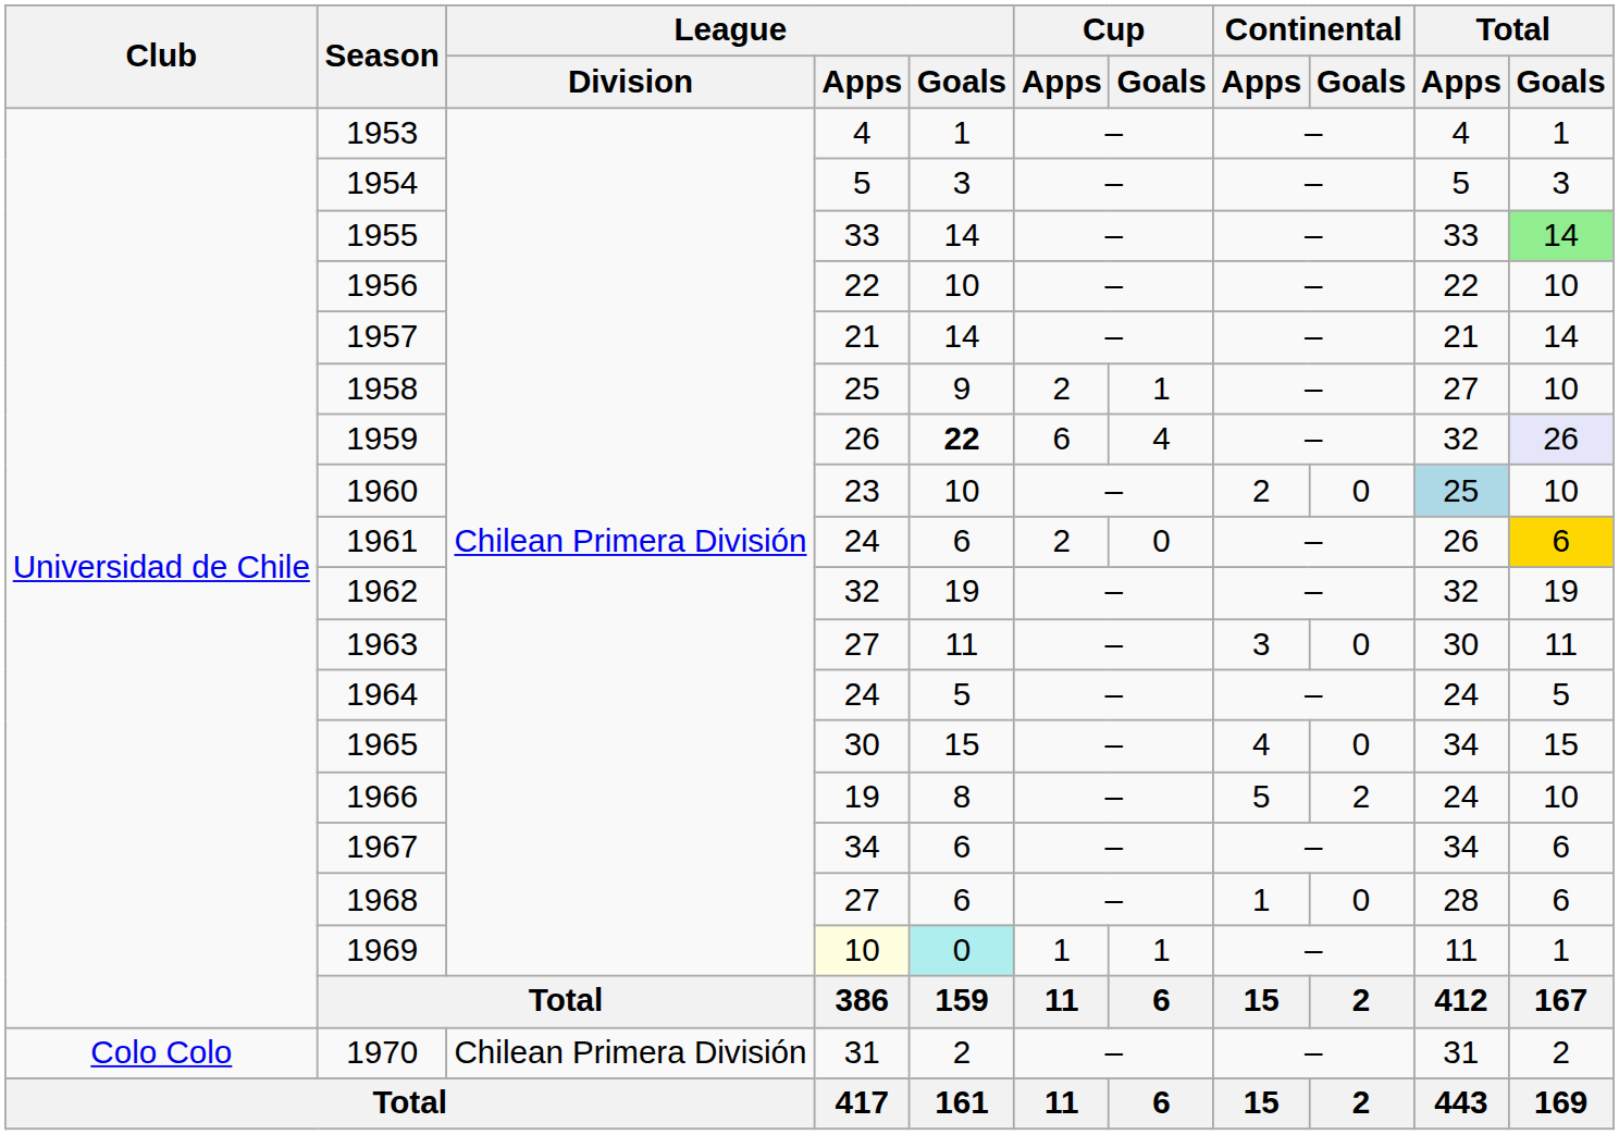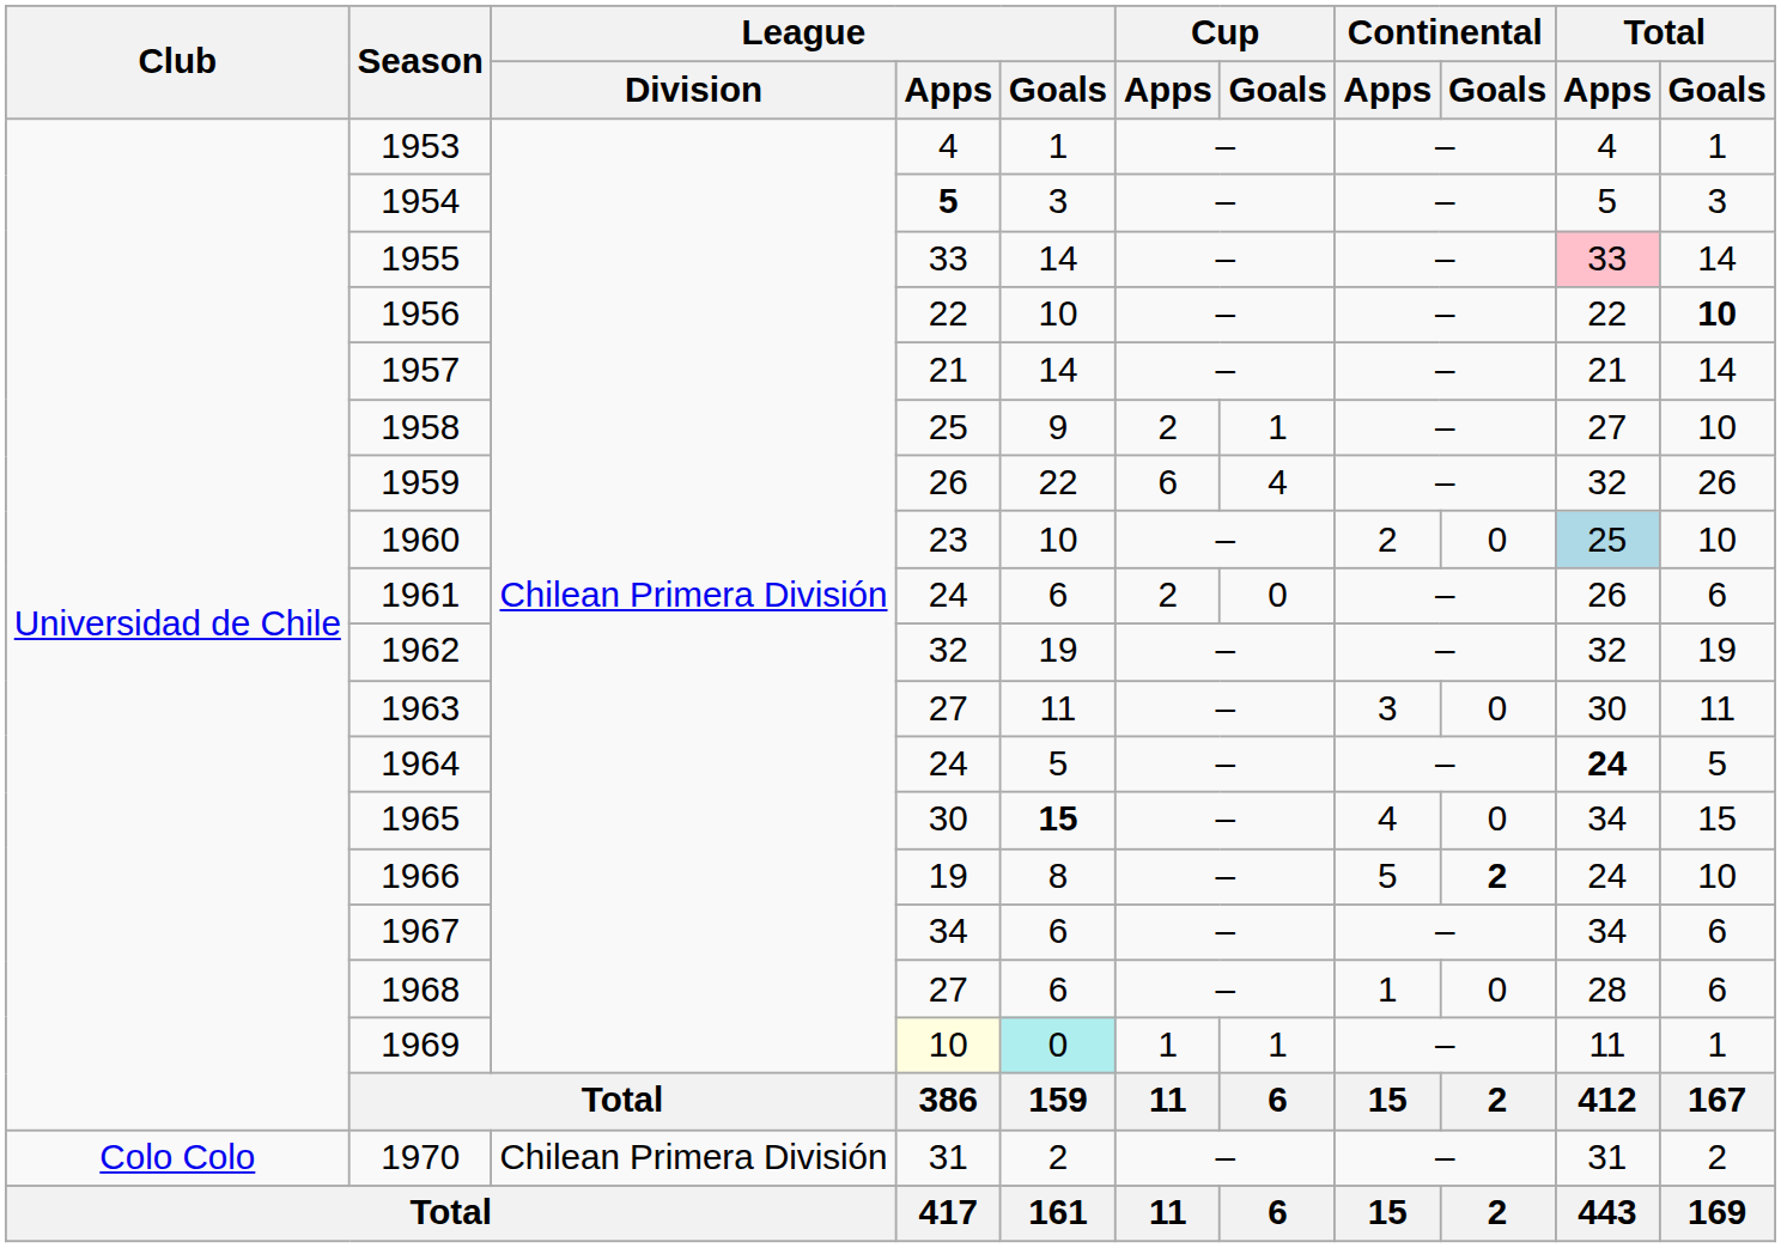 <table class="wikitable" style="text-align:center">
 <tr>
 <th rowspan="2">Club</th>
 <th rowspan="2">Season</th>
 <th colspan="3">League</th>
 <th colspan="2">Cup</th>
 <th colspan="2">Continental</th>
 <th colspan="2">Total</th>
 </tr>
 <tr>
 <th>Division</th>
 <th>Apps</th>
 <th>Goals</th>
 <th>Apps</th>
 <th>Goals</th>
 <th>Apps</th>
 <th>Goals</th>
 <th>Apps</th>
 <th>Goals</th>
 </tr>
 <tr>
 <td rowspan="18"><a href='#'>Universidad de Chile</a></td>
 <td>1953</td>
 <td rowspan="17"><a href='#'>Chilean Primera División</a></td>
 <td>4</td>
 <td>1</td>
 <td colspan="2">–</td>
 <td colspan="2">–</td>
 <td>4</td>
 <td>1</td>
 </tr>
 <tr>
 <td>1954</td>
-<td>5</td>
+<td><strong>5</strong></td>
 <td>3</td>
 <td colspan="2">–</td>
 <td colspan="2">–</td>
 <td>5</td>
 <td>3</td>
 </tr>
 <tr>
 <td>1955</td>
 <td>33</td>
 <td>14</td>
 <td colspan="2">–</td>
 <td colspan="2">–</td>
-<td>33</td>
-<td style="background: lightgreen;">14</td>
+<td style="background: pink;">33</td>
+<td>14</td>
 </tr>
 <tr>
 <td>1956</td>
 <td>22</td>
 <td>10</td>
 <td colspan="2">–</td>
 <td colspan="2">–</td>
 <td>22</td>
-<td>10</td>
+<td><strong>10</strong></td>
 </tr>
 <tr>
 <td>1957</td>
 <td>21</td>
 <td>14</td>
 <td colspan="2">–</td>
 <td colspan="2">–</td>
 <td>21</td>
 <td>14</td>
 </tr>
 <tr>
 <td>1958</td>
 <td>25</td>
 <td>9</td>
 <td>2</td>
 <td>1</td>
 <td colspan="2">–</td>
 <td>27</td>
 <td>10</td>
 </tr>
 <tr>
 <td>1959</td>
 <td>26</td>
-<td><strong>22</strong></td>
+<td>22</td>
 <td>6</td>
 <td>4</td>
 <td colspan="2">–</td>
 <td>32</td>
-<td style="background: lavender;">26</td>
+<td>26</td>
 </tr>
 <tr>
 <td>1960</td>
 <td>23</td>
 <td>10</td>
 <td colspan="2">–</td>
 <td>2</td>
 <td>0</td>
 <td style="background: lightblue;">25</td>
 <td>10</td>
 </tr>
 <tr>
 <td>1961</td>
 <td>24</td>
 <td>6</td>
 <td>2</td>
 <td>0</td>
 <td colspan="2">–</td>
 <td>26</td>
-<td style="background: gold;">6</td>
+<td>6</td>
 </tr>
 <tr>
 <td>1962</td>
 <td>32</td>
 <td>19</td>
 <td colspan="2">–</td>
 <td colspan="2">–</td>
 <td>32</td>
 <td>19</td>
 </tr>
 <tr>
 <td>1963</td>
 <td>27</td>
 <td>11</td>
 <td colspan="2">–</td>
 <td>3</td>
 <td>0</td>
 <td>30</td>
 <td>11</td>
 </tr>
 <tr>
 <td>1964</td>
 <td>24</td>
 <td>5</td>
 <td colspan="2">–</td>
 <td colspan="2">–</td>
-<td>24</td>
+<td><strong>24</strong></td>
 <td>5</td>
 </tr>
 <tr>
 <td>1965</td>
 <td>30</td>
-<td>15</td>
+<td><strong>15</strong></td>
 <td colspan="2">–</td>
 <td>4</td>
 <td>0</td>
 <td>34</td>
 <td>15</td>
 </tr>
 <tr>
 <td>1966</td>
 <td>19</td>
 <td>8</td>
 <td colspan="2">–</td>
 <td>5</td>
-<td>2</td>
+<td><strong>2</strong></td>
 <td>24</td>
 <td>10</td>
 </tr>
 <tr>
 <td>1967</td>
 <td>34</td>
 <td>6</td>
 <td colspan="2">–</td>
 <td colspan="2">–</td>
 <td>34</td>
 <td>6</td>
 </tr>
 <tr>
 <td>1968</td>
 <td>27</td>
 <td>6</td>
 <td colspan="2">–</td>
 <td>1</td>
 <td>0</td>
 <td>28</td>
 <td>6</td>
 </tr>
 <tr>
 <td>1969</td>
 <td style="background: lightyellow;">10</td>
 <td style="background: paleturquoise;">0</td>
 <td>1</td>
 <td>1</td>
 <td colspan="2">–</td>
 <td>11</td>
 <td>1</td>
 </tr>
 <tr>
 <th colspan="2">Total</th>
 <th>386</th>
 <th>159</th>
 <th>11</th>
 <th>6</th>
 <th>15</th>
 <th>2</th>
 <th>412</th>
 <th>167</th>
 </tr>
 <tr>
 <td><a href='#'>Colo Colo</a></td>
 <td>1970</td>
 <td>Chilean Primera División</td>
 <td>31</td>
 <td>2</td>
 <td colspan="2">–</td>
 <td colspan="2">–</td>
 <td>31</td>
 <td>2</td>
 </tr>
 <tr>
 <th colspan="3">Total</th>
 <th>417</th>
 <th>161</th>
 <th>11</th>
 <th>6</th>
 <th>15</th>
 <th>2</th>
 <th>443</th>
 <th>169</th>
 </tr>
 </table>
